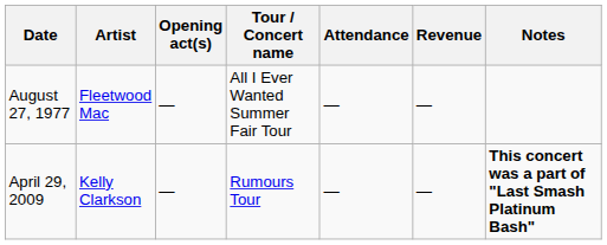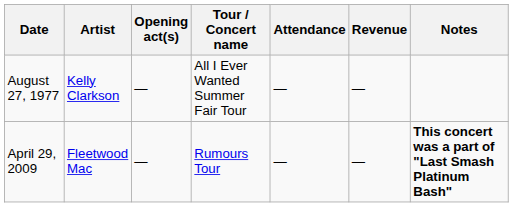 <table class="wikitable" style=font-size:100% style="text-align:center">
 <tr>
 <th width=12%>Date</th>
 <th width=10%>Artist</th>
 <th width=10%>Opening act(s)</th>
 <th width=16%>Tour / Concert name</th>
 <th width=10%>Attendance</th>
 <th width=10%>Revenue</th>
 <th width=20%>Notes</th>
 </tr>
 <tr>
 <td>August 27, 1977</td>
-<td><a href='#'>Fleetwood Mac</a></td>
+<td><a href='#'>Kelly Clarkson</a></td>
 <td>—</td>
 <td>All I Ever Wanted Summer Fair Tour</td>
 <td>—</td>
 <td>—</td>
 <td></td>
 </tr>
 <tr>
 <td>April 29, 2009</td>
-<td><a href='#'>Kelly Clarkson</a></td>
+<td><a href='#'>Fleetwood Mac</a></td>
 <td>—</td>
 <td><a href='#'>Rumours Tour</a></td>
 <td>—</td>
 <td>—</td>
 <td><strong>This concert was a part of "Last Smash Platinum Bash"</strong></td>
 </tr>
 </table>
